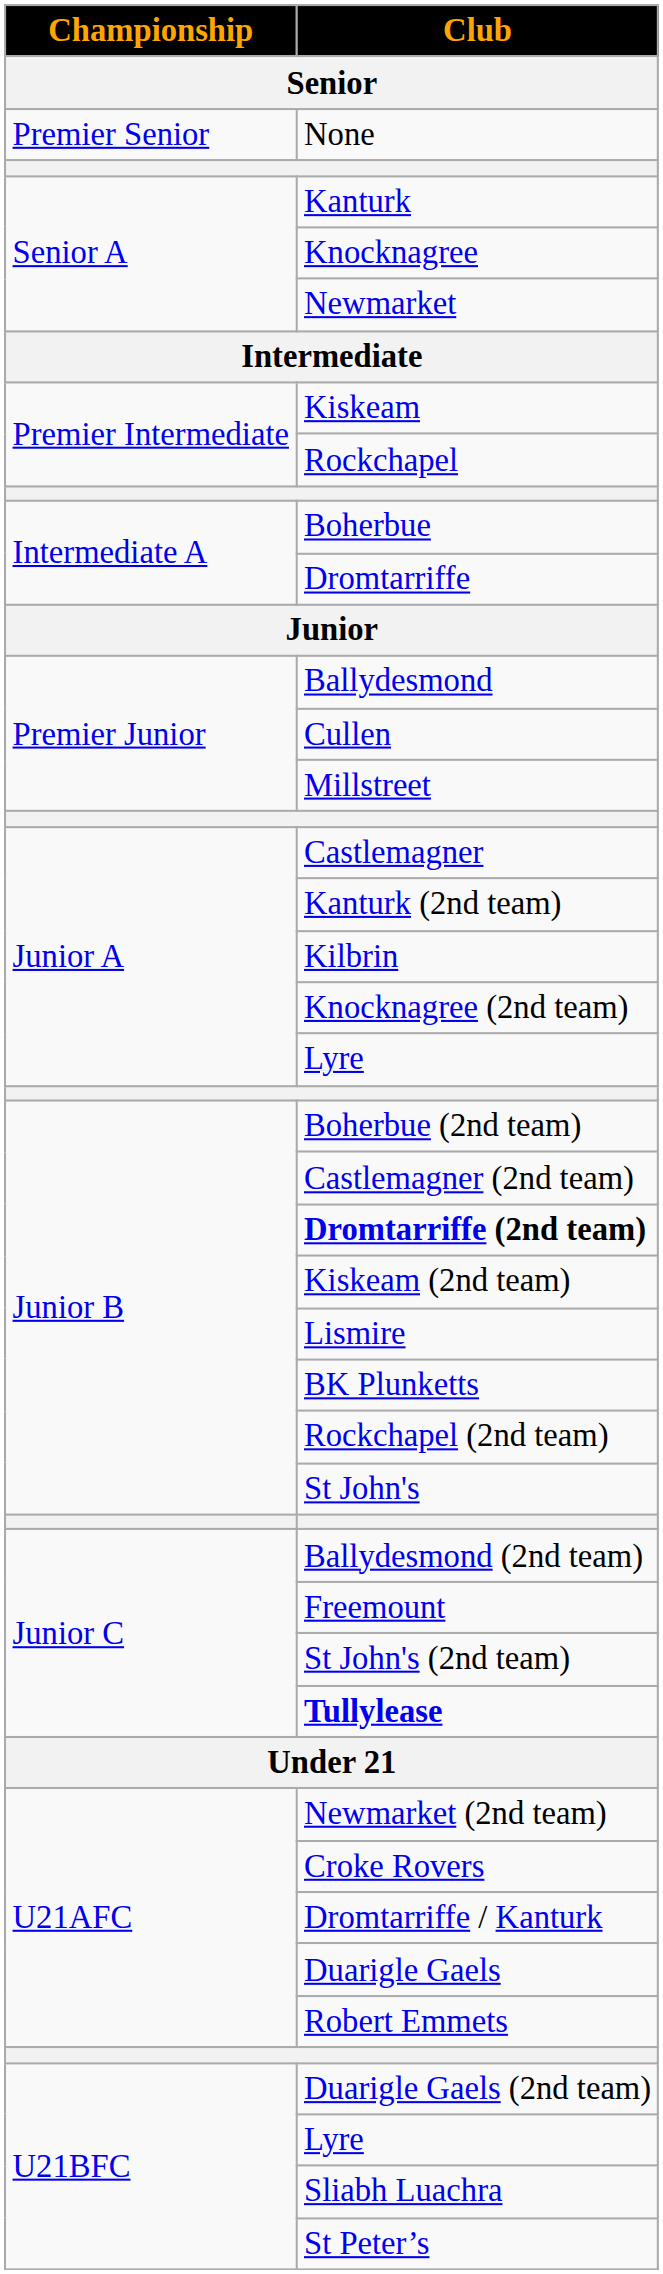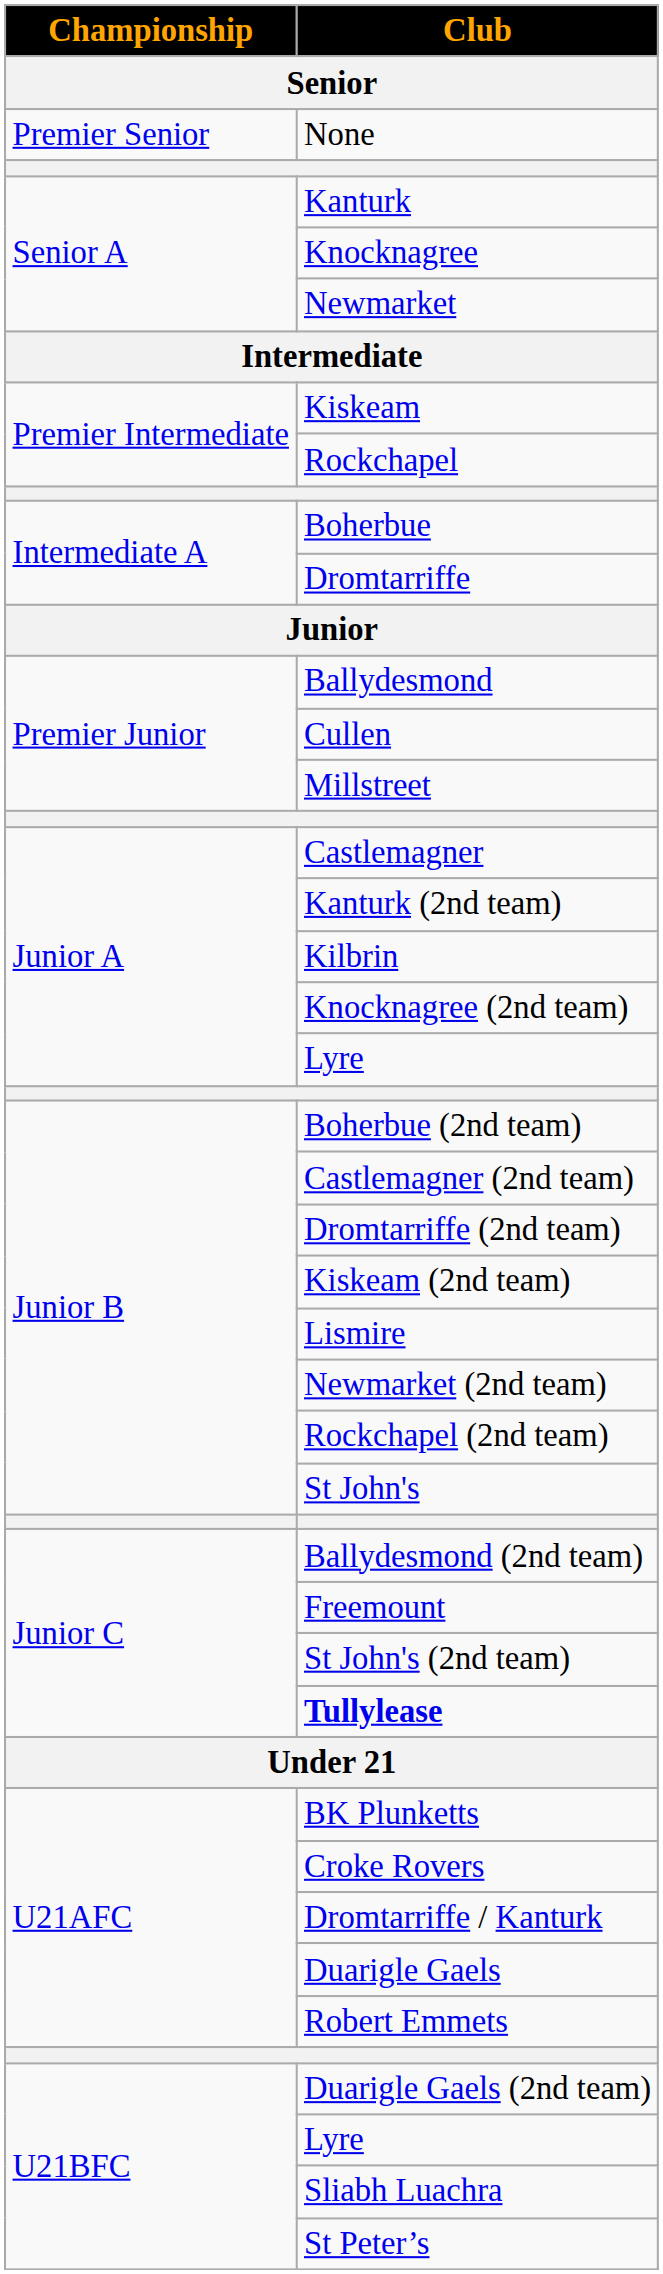 <table class="wikitable sortable">
 <tr>
 <th style="background:black;color:orange">Championship</th>
 <th style="background:black;color:orange">Club</th>
 </tr>
 <tr>
 <th colspan="2">Senior</th>
 </tr>
 <tr>
 <td><a href='#'>Premier Senior</a></td>
 <td colspan="1">None</td>
 </tr>
 <tr>
 <th colspan="2"></th>
 </tr>
 <tr>
 <td rowspan="3"><a href='#'>Senior A</a></td>
 <td> <a href='#'>Kanturk</a></td>
 </tr>
 <tr>
 <td> <a href='#'>Knocknagree</a></td>
 </tr>
 <tr>
 <td> <a href='#'>Newmarket</a></td>
 </tr>
 <tr>
 <th colspan="2">Intermediate</th>
 </tr>
 <tr>
 <td rowspan="2"><a href='#'>Premier Intermediate</a></td>
 <td> <a href='#'>Kiskeam</a></td>
 </tr>
 <tr>
 <td> <a href='#'>Rockchapel</a></td>
 </tr>
 <tr>
 <th colspan="2"></th>
 </tr>
 <tr>
 <td rowspan="2"><a href='#'>Intermediate A</a></td>
 <td> <a href='#'>Boherbue</a></td>
 </tr>
 <tr>
 <td> <a href='#'>Dromtarriffe</a></td>
 </tr>
 <tr>
 <th colspan="2">Junior</th>
 </tr>
 <tr>
 <td rowspan="3"><a href='#'>Premier Junior</a></td>
 <td> <a href='#'>Ballydesmond</a></td>
 </tr>
 <tr>
 <td> <a href='#'>Cullen</a></td>
 </tr>
 <tr>
 <td> <a href='#'>Millstreet</a></td>
 </tr>
 <tr>
 <th colspan="2"></th>
 </tr>
 <tr>
 <td rowspan="5"><a href='#'>Junior A</a></td>
 <td> <a href='#'>Castlemagner</a></td>
 </tr>
 <tr>
 <td> <a href='#'>Kanturk</a> (2nd team)</td>
 </tr>
 <tr>
 <td> <a href='#'>Kilbrin</a></td>
 </tr>
 <tr>
 <td> <a href='#'>Knocknagree</a> (2nd team)</td>
 </tr>
 <tr>
 <td> <a href='#'>Lyre</a></td>
 </tr>
 <tr>
 <th colspan="2"></th>
 </tr>
 <tr>
 <td rowspan="8"><a href='#'>Junior B</a></td>
 <td> <a href='#'>Boherbue</a> (2nd team)</td>
 </tr>
 <tr>
 <td> <a href='#'>Castlemagner</a> (2nd team)</td>
 </tr>
 <tr>
-<td><strong> <a href='#'>Dromtarriffe</a> (2nd team)</strong></td>
+<td> <a href='#'>Dromtarriffe</a> (2nd team)</td>
 </tr>
 <tr>
 <td> <a href='#'>Kiskeam</a> (2nd team)</td>
 </tr>
 <tr>
 <td> <a href='#'>Lismire</a></td>
 </tr>
 <tr>
-<td> <a href='#'>BK Plunketts</a></td>
+<td> <a href='#'>Newmarket</a> (2nd team)</td>
 </tr>
 <tr>
 <td> <a href='#'>Rockchapel</a> (2nd team)</td>
 </tr>
 <tr>
 <td> <a href='#'>St John's</a></td>
 </tr>
 <tr>
 <th></th>
 <th></th>
 </tr>
 <tr>
 <td rowspan="4"><a href='#'>Junior C</a></td>
 <td> <a href='#'>Ballydesmond</a> (2nd team)</td>
 </tr>
 <tr>
 <td> <a href='#'>Freemount</a></td>
 </tr>
 <tr>
 <td> <a href='#'>St John's</a> (2nd team)</td>
 </tr>
 <tr>
 <td><strong> <a href='#'>Tullylease</a></strong></td>
 </tr>
 <tr>
 <th colspan="2">Under 21</th>
 </tr>
 <tr>
 <td rowspan="5"><a href='#'>U21AFC</a></td>
-<td> <a href='#'>Newmarket</a> (2nd team)</td>
+<td> <a href='#'>BK Plunketts</a></td>
 </tr>
 <tr>
 <td> <a href='#'>Croke Rovers</a></td>
 </tr>
 <tr>
 <td> <a href='#'>Dromtarriffe</a> / <a href='#'>Kanturk</a></td>
 </tr>
 <tr>
 <td> <a href='#'>Duarigle Gaels</a></td>
 </tr>
 <tr>
 <td> <a href='#'>Robert Emmets</a></td>
 </tr>
 <tr>
 <th colspan="2"></th>
 </tr>
 <tr>
 <td rowspan="4"><a href='#'>U21BFC</a></td>
 <td> <a href='#'>Duarigle Gaels</a> (2nd team)</td>
 </tr>
 <tr>
 <td> <a href='#'>Lyre</a></td>
 </tr>
 <tr>
 <td> <a href='#'>Sliabh Luachra</a></td>
 </tr>
 <tr>
 <td> <a href='#'>St Peter’s</a></td>
 </tr>
 </table>
